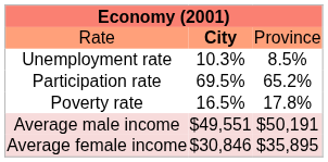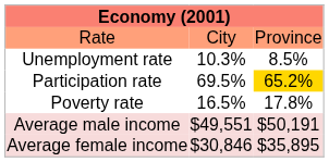 <table cellpadding="1" style="float:left; margin:0 1em 1em 0; border:1px #bbb solid; border-collapse:collapse; font-size:90%;">
 <tr style="text-align:center; background:salmon;">
 <th colspan=3>Economy (2001)</th>
 </tr>
 <tr style="text-align:center; background:lightsalmon;">
 <td>Rate</td>
-<td><strong>City</strong></td>
+<td>City</td>
 <td>Province</td>
 </tr>
 <tr style="text-align:center;">
 <td>Unemployment rate</td>
 <td>10.3%</td>
 <td>8.5%</td>
 </tr>
 <tr style="text-align:center;">
 <td>Participation rate</td>
 <td>69.5%</td>
-<td>65.2%</td>
+<td style="background: gold;">65.2%</td>
 </tr>
 <tr style="text-align:center;">
 <td>Poverty rate</td>
 <td>16.5%</td>
 <td>17.8%</td>
 </tr>
 <tr style="text-align:center; background:#f7dbdb;">
 <td>Average male income</td>
 <td>$49,551</td>
 <td>$50,191</td>
 </tr>
 <tr style="text-align:center; background:#f7dbdb;">
 <td>Average female income</td>
 <td>$30,846</td>
 <td>$35,895</td>
 </tr>
 </table>
